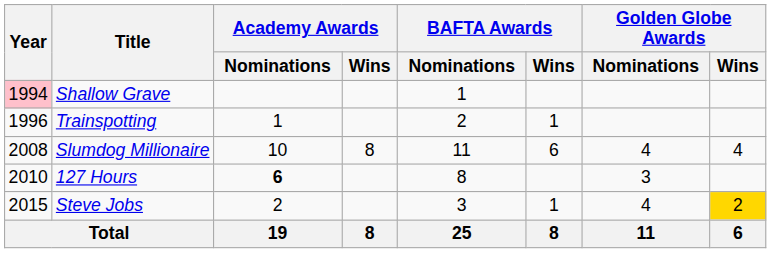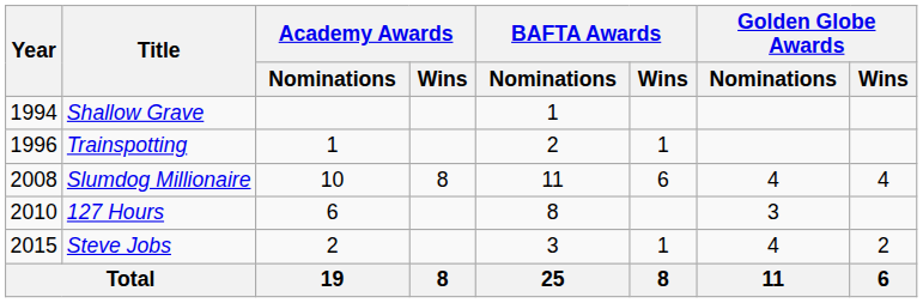 <table class="wikitable">
 <tr>
 <th rowspan="2">Year</th>
 <th rowspan="2">Title</th>
 <th colspan="2" style="text-align:center;" width=160><a href='#'>Academy Awards</a></th>
 <th colspan="2" style="text-align:center;" width=160><a href='#'>BAFTA Awards</a></th>
 <th colspan="2" style="text-align:center;" width=160><a href='#'>Golden Globe Awards</a></th>
 </tr>
 <tr>
 <th>Nominations</th>
 <th>Wins</th>
 <th>Nominations</th>
 <th>Wins</th>
 <th>Nominations</th>
 <th>Wins</th>
 </tr>
 <tr>
-<td style="background: pink;">1994</td>
+<td>1994</td>
 <td><em><a href='#'>Shallow Grave</a></em></td>
 <td></td>
 <td></td>
 <td align=center>1</td>
 <td></td>
 <td></td>
 <td></td>
 </tr>
 <tr>
 <td>1996</td>
 <td><em><a href='#'>Trainspotting</a></em></td>
 <td align=center>1</td>
 <td></td>
 <td align=center>2</td>
 <td align=center>1</td>
 <td></td>
 <td></td>
 </tr>
 <tr>
 <td>2008</td>
 <td><em><a href='#'>Slumdog Millionaire</a></em></td>
 <td align=center>10</td>
 <td align=center>8</td>
 <td align=center>11</td>
 <td align=center>6</td>
 <td align=center>4</td>
 <td align=center>4</td>
 </tr>
 <tr>
 <td>2010</td>
 <td><em><a href='#'>127 Hours</a></em></td>
-<td align=center><strong>6</strong></td>
+<td align=center>6</td>
 <td></td>
 <td align=center>8</td>
 <td></td>
 <td align=center>3</td>
 <td></td>
 </tr>
 <tr>
 <td>2015</td>
 <td><em><a href='#'>Steve Jobs</a></em></td>
 <td align=center>2</td>
 <td></td>
 <td align=center>3</td>
 <td align=center>1</td>
 <td align=center>4</td>
-<td align=center style="background: gold;">2</td>
+<td align=center>2</td>
 </tr>
 <tr>
 <th colspan="2">Total</th>
 <th align=center>19</th>
 <th align=center>8</th>
 <th align=center>25</th>
 <th align=center>8</th>
 <th align=center>11</th>
 <th align=center>6</th>
 </tr>
 </table>
